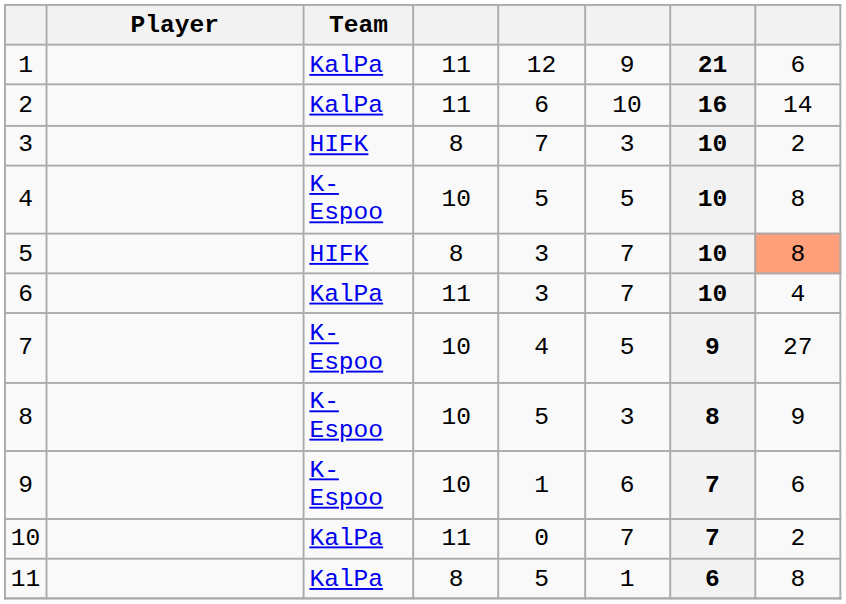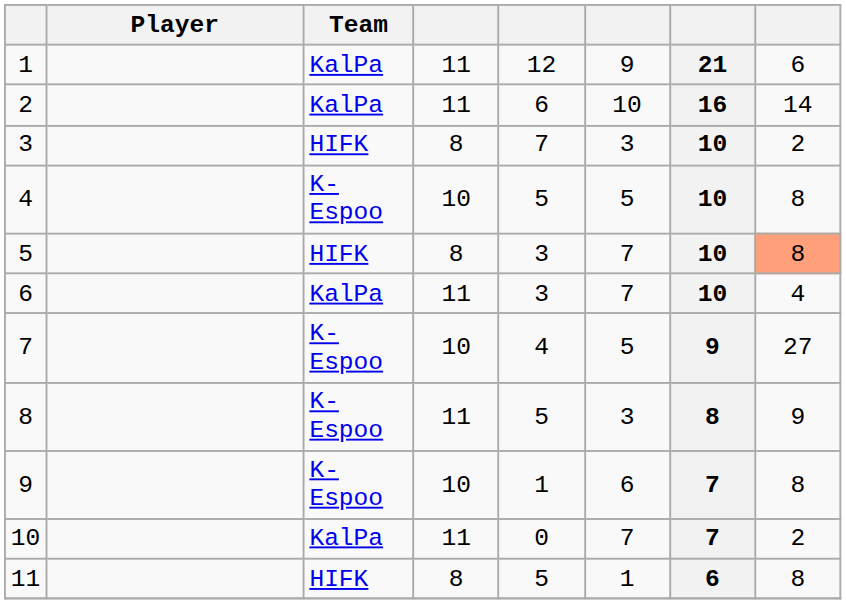 <table class="wikitable sortable" style="text-align: center">
 <tr>
 <th></th>
 <th style="width: 10em;">Player</th>
 <th style="width: 4em;">Team</th>
 <th style="width: 3em;"></th>
 <th style="width: 3em;"></th>
 <th style="width: 3em;"></th>
 <th style="width: 3em;"></th>
 <th style="width: 3em;"></th>
 </tr>
 <tr>
 <td>1</td>
 <td style="text-align:left;"></td>
 <td style="text-align:left;"><a href='#'>KalPa</a></td>
 <td>11</td>
 <td>12</td>
 <td>9</td>
 <th>21</th>
 <td>6</td>
 </tr>
 <tr>
 <td>2</td>
 <td style="text-align:left;"></td>
 <td style="text-align:left;"><a href='#'>KalPa</a></td>
 <td>11</td>
 <td>6</td>
 <td>10</td>
 <th>16</th>
 <td>14</td>
 </tr>
 <tr>
 <td>3</td>
 <td style="text-align:left;"></td>
 <td style="text-align:left;"><a href='#'>HIFK</a></td>
 <td>8</td>
 <td>7</td>
 <td>3</td>
 <th>10</th>
 <td>2</td>
 </tr>
 <tr>
 <td>4</td>
 <td style="text-align:left;"></td>
 <td style="text-align:left;"><a href='#'>K-Espoo</a></td>
 <td>10</td>
 <td>5</td>
 <td>5</td>
 <th>10</th>
 <td>8</td>
 </tr>
 <tr>
 <td>5</td>
 <td style="text-align:left;"></td>
 <td style="text-align:left;"><a href='#'>HIFK</a></td>
 <td>8</td>
 <td>3</td>
 <td>7</td>
 <th>10</th>
 <td style="background: lightsalmon;">8</td>
 </tr>
 <tr>
 <td>6</td>
 <td style="text-align:left;"></td>
 <td style="text-align:left;"><a href='#'>KalPa</a></td>
 <td>11</td>
 <td>3</td>
 <td>7</td>
 <th>10</th>
 <td>4</td>
 </tr>
 <tr>
 <td>7</td>
 <td style="text-align:left;"></td>
 <td style="text-align:left;"><a href='#'>K-Espoo</a></td>
 <td>10</td>
 <td>4</td>
 <td>5</td>
 <th>9</th>
 <td>27</td>
 </tr>
 <tr>
 <td>8</td>
 <td style="text-align:left;"></td>
 <td style="text-align:left;"><a href='#'>K-Espoo</a></td>
-<td>10</td>
+<td>11</td>
 <td>5</td>
 <td>3</td>
 <th>8</th>
 <td>9</td>
 </tr>
 <tr>
 <td>9</td>
 <td style="text-align:left;"></td>
 <td style="text-align:left;"><a href='#'>K-Espoo</a></td>
 <td>10</td>
 <td>1</td>
 <td>6</td>
 <th>7</th>
-<td>6</td>
+<td>8</td>
 </tr>
 <tr>
 <td>10</td>
 <td style="text-align:left;"></td>
 <td style="text-align:left;"><a href='#'>KalPa</a></td>
 <td>11</td>
 <td>0</td>
 <td>7</td>
 <th>7</th>
 <td>2</td>
 </tr>
 <tr>
 <td>11</td>
 <td style="text-align:left;"></td>
-<td style="text-align:left;"><a href='#'>KalPa</a></td>
+<td style="text-align:left;"><a href='#'>HIFK</a></td>
 <td>8</td>
 <td>5</td>
 <td>1</td>
 <th>6</th>
 <td>8</td>
 </tr>
 <tr>
 </tr>
 </table>
